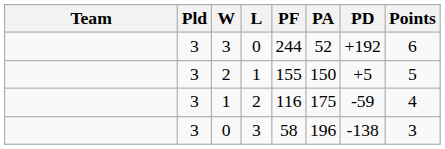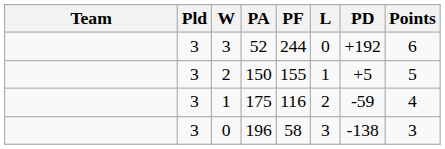 <table class="wikitable" style+"text-align:center;">
 <tr>
 <th width=150>Team</th>
 <th width=20>Pld</th>
 <th width=20>W</th>
+<th width=20>PA</th>
+<th width=20>PF</th>
 <th width=20>L</th>
-<th width=20>PF</th>
-<th width=20>PA</th>
 <th width=20>PD</th>
 <th width=20>Points</th>
 </tr>
 <tr align=center>
 <td align="left"></td>
 <td>3</td>
 <td>3</td>
+<td>52</td>
+<td>244</td>
 <td>0</td>
-<td>244</td>
-<td>52</td>
 <td>+192</td>
 <td>6</td>
 </tr>
 <tr align=center>
 <td align="left"></td>
 <td>3</td>
 <td>2</td>
+<td>150</td>
+<td>155</td>
 <td>1</td>
-<td>155</td>
-<td>150</td>
 <td>+5</td>
 <td>5</td>
 </tr>
 <tr align=center>
 <td align="left"></td>
 <td>3</td>
 <td>1</td>
+<td>175</td>
+<td>116</td>
 <td>2</td>
-<td>116</td>
-<td>175</td>
 <td>-59</td>
 <td>4</td>
 </tr>
 <tr align=center>
 <td align="left"></td>
 <td>3</td>
 <td>0</td>
+<td>196</td>
+<td>58</td>
 <td>3</td>
-<td>58</td>
-<td>196</td>
 <td>-138</td>
 <td>3</td>
 </tr>
 </table>
